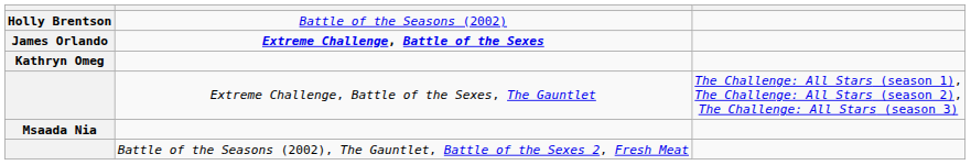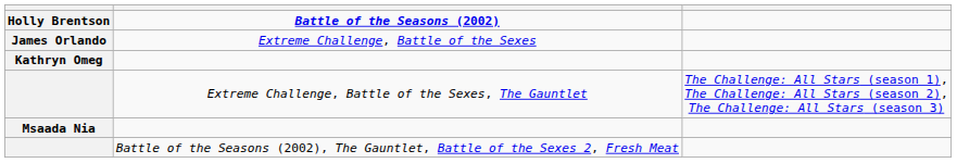 <table class="wikitable sortable" style="text-align:center">
 <tr>
 <th scope="col"></th>
 <th scope="col"></th>
 <th scope="col"></th>
 </tr>
 <tr>
 <th scope="row">Holly Brentson</th>
-<td><a href='#'><em>Battle of the Seasons</em> (2002)</a></td>
+<td><strong><a href='#'><em>Battle of the Seasons</em> (2002)</a></strong></td>
 <td></td>
 </tr>
 <tr>
 <th scope="row">James Orlando</th>
-<td><strong><em><a href='#'>Extreme Challenge</a></em>, <em><a href='#'>Battle of the Sexes</a></em></strong></td>
+<td><em><a href='#'>Extreme Challenge</a></em>, <em><a href='#'>Battle of the Sexes</a></em></td>
 <td></td>
 </tr>
 <tr>
 <th scope="row">Kathryn Omeg</th>
 <td></td>
 <td></td>
 </tr>
 <tr>
 <th scope="row"></th>
 <td><em>Extreme Challenge</em>, <em>Battle of the Sexes</em>, <em><a href='#'>The Gauntlet</a></em></td>
 <td><a href='#'><em>The Challenge: All Stars</em> (season 1)</a>,<br><a href='#'><em>The Challenge: All Stars</em> (season 2)</a>,<br><a href='#'><em>The Challenge: All Stars</em> (season 3)</a></td>
 </tr>
 <tr>
 <th scope="row">Msaada Nia</th>
 <td></td>
 <td></td>
 </tr>
 <tr>
 <th scope="row"></th>
 <td><em>Battle of the Seasons</em> (2002), <em>The Gauntlet</em>, <em><a href='#'>Battle of the Sexes 2</a></em>, <em><a href='#'>Fresh Meat</a></em></td>
 <td></td>
 </tr>
 </table>
